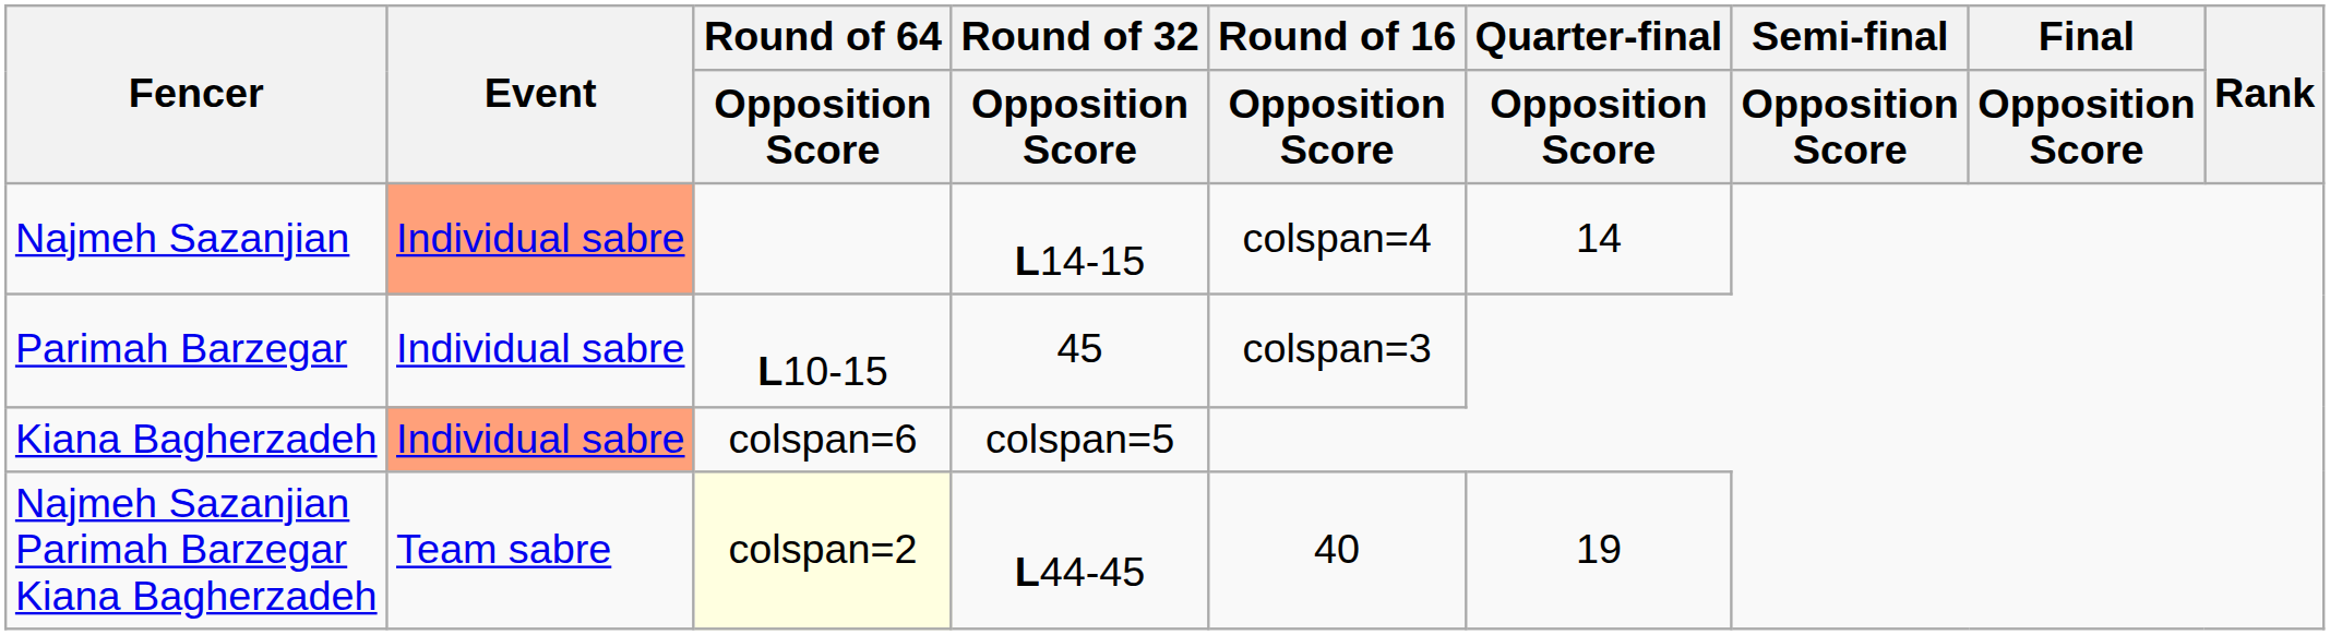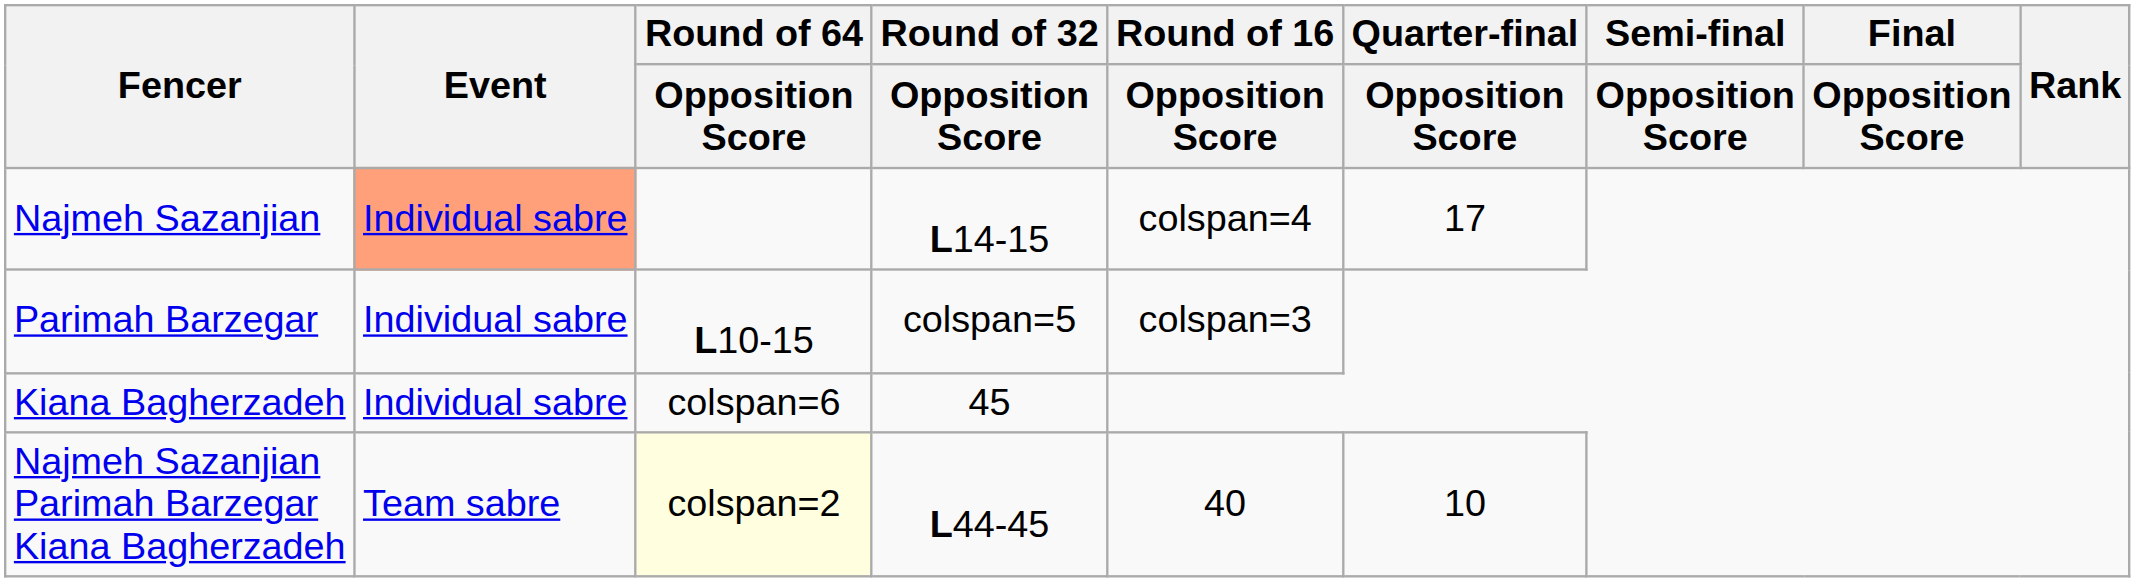 <table class=wikitable style="align:center; white-space:nowrap">
 <tr>
 <th rowspan=2>Fencer</th>
 <th rowspan=2>Event</th>
 <th>Round of 64</th>
 <th>Round of 32</th>
 <th>Round of 16</th>
 <th>Quarter-final</th>
 <th>Semi-final</th>
 <th>Final</th>
 <th rowspan=2>Rank</th>
 </tr>
 <tr>
 <th>Opposition<br>Score</th>
 <th>Opposition<br>Score</th>
 <th>Opposition<br>Score</th>
 <th>Opposition<br>Score</th>
 <th>Opposition<br>Score</th>
 <th>Opposition<br>Score</th>
 </tr>
 <tr align=center>
 <td align=left><a href='#'>Najmeh Sazanjian</a></td>
 <td align=left style="background: lightsalmon;"><a href='#'>Individual sabre</a></td>
 <td></td>
 <td><br><strong>L</strong>14-15</td>
 <td>colspan=4 </td>
-<td>14</td>
+<td>17</td>
 </tr>
 <tr align=center>
 <td align=left><a href='#'>Parimah Barzegar</a></td>
 <td align=left><a href='#'>Individual sabre</a></td>
 <td><br><strong>L</strong>10-15</td>
-<td>45</td>
+<td>colspan=5 </td>
 <td>colspan=3 </td>
 </tr>
 <tr align=center>
 <td align=left><a href='#'>Kiana Bagherzadeh</a></td>
-<td align=left style="background: lightsalmon;"><a href='#'>Individual sabre</a></td>
+<td align=left><a href='#'>Individual sabre</a></td>
 <td>colspan=6 </td>
-<td>colspan=5 </td>
+<td>45</td>
 </tr>
 <tr align=center>
 <td align=left><a href='#'>Najmeh Sazanjian</a><br><a href='#'>Parimah Barzegar</a><br><a href='#'>Kiana Bagherzadeh</a></td>
 <td align=left><a href='#'>Team sabre</a></td>
 <td style="background: lightyellow;">colspan=2 </td>
 <td><br><strong>L</strong>44-45</td>
 <td>40</td>
-<td>19</td>
+<td>10</td>
 </tr>
 </table>
